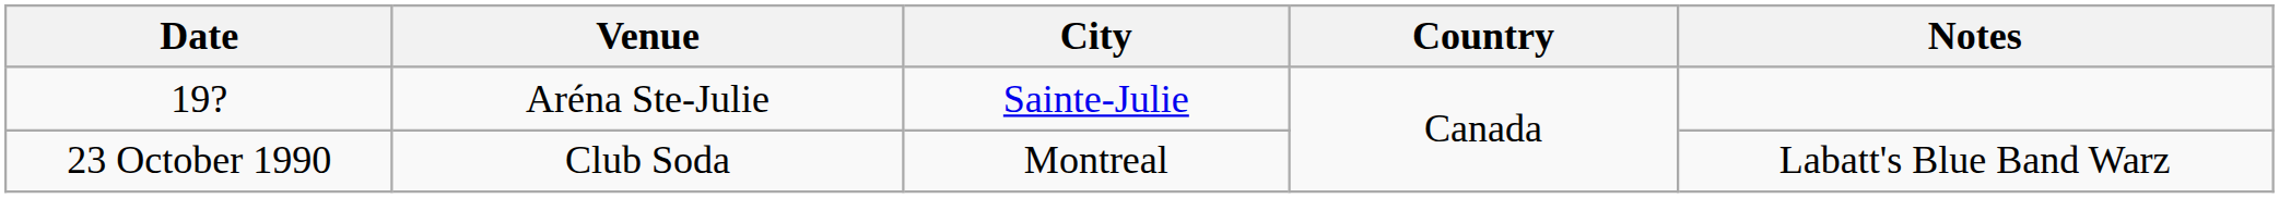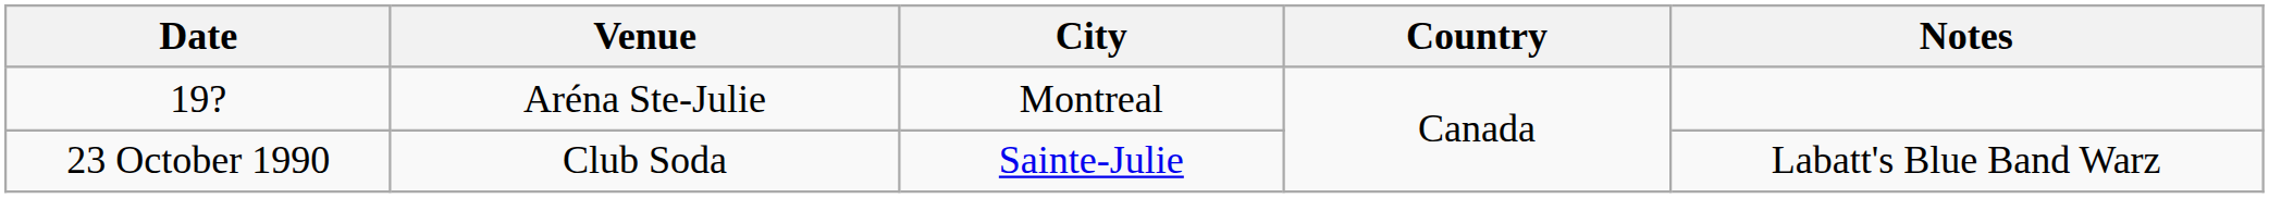 <table class="wikitable" style="text-align:center;">
 <tr>
 <th width="150">Date</th>
 <th width="200">Venue</th>
 <th width="150">City</th>
 <th width="150">Country</th>
 <th width="235">Notes</th>
 </tr>
 <tr>
 <td>19?</td>
 <td>Aréna Ste-Julie</td>
-<td><a href='#'>Sainte-Julie</a></td>
+<td>Montreal</td>
 <td rowspan="2">Canada</td>
 <td></td>
 </tr>
 <tr>
 <td>23 October 1990</td>
 <td>Club Soda</td>
-<td>Montreal</td>
+<td><a href='#'>Sainte-Julie</a></td>
 <td>Labatt's Blue Band Warz</td>
 </tr>
 </table>
